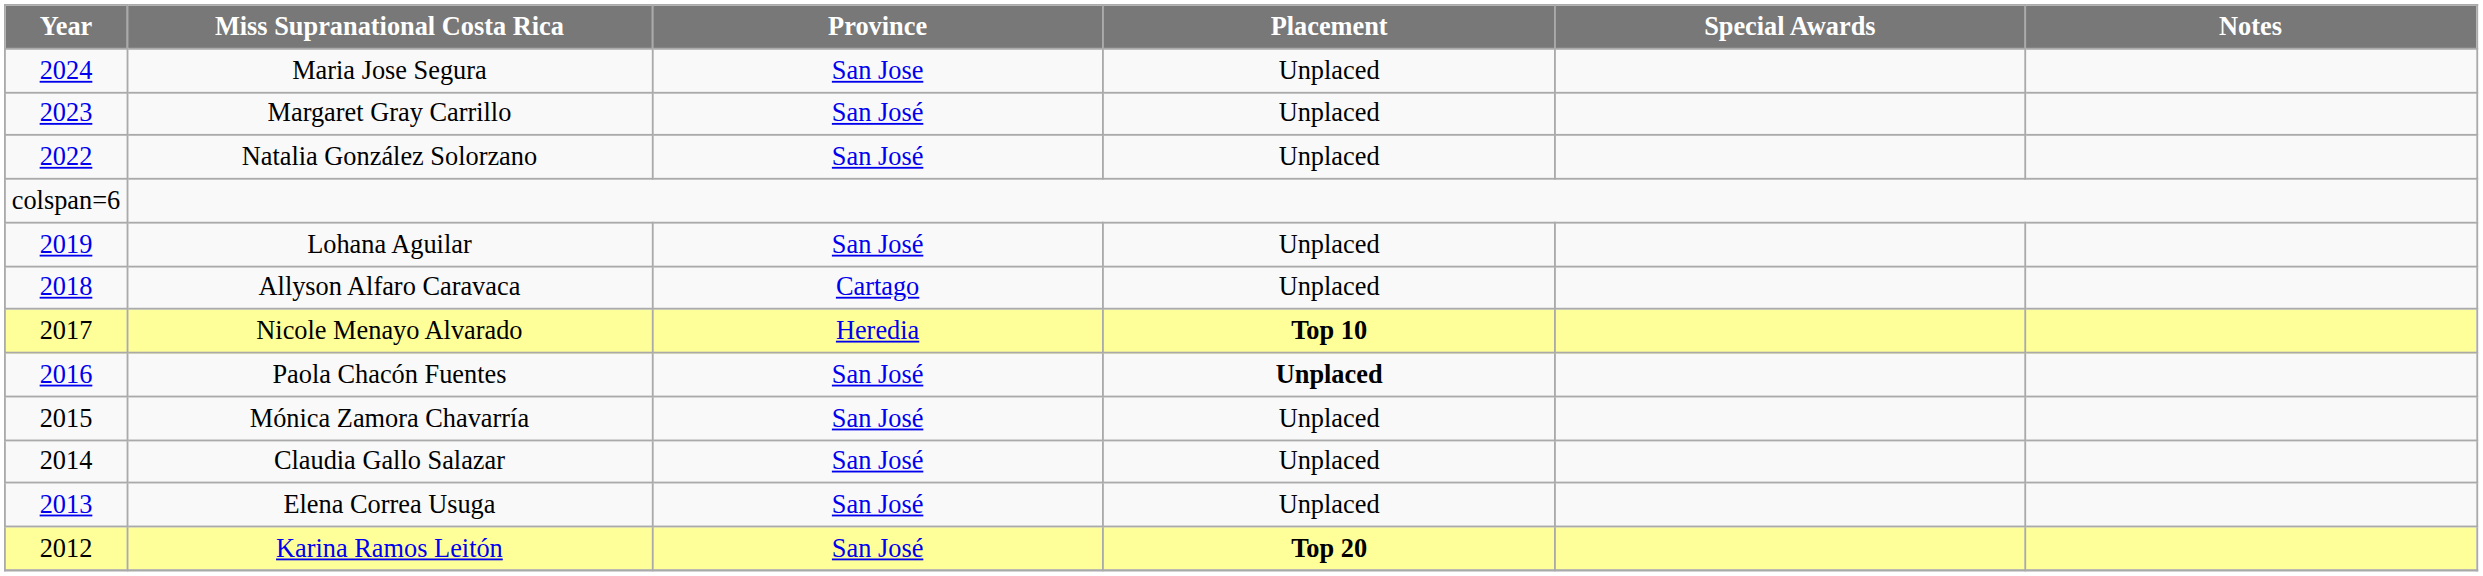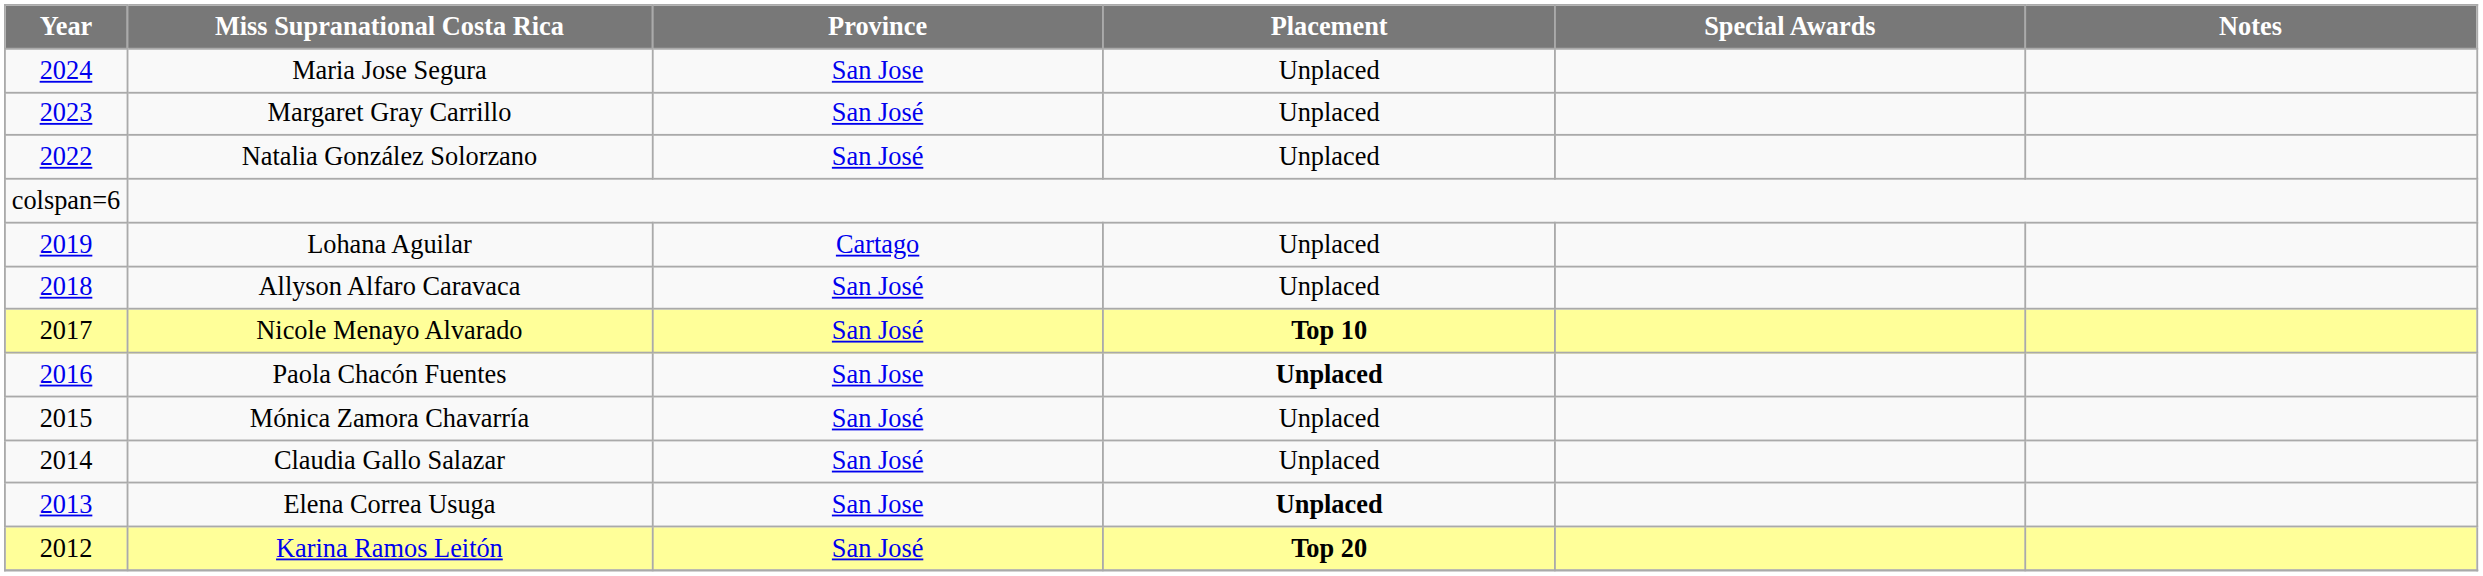 <table class="wikitable sortable" style="font-size: 90%; text-align:center">
 <tr>
 <th width="60" style="background-color:#787878;color:#FFFFFF;">Year</th>
 <th width="280" style="background-color:#787878;color:#FFFFFF;">Miss Supranational Costa Rica</th>
 <th width="240" style="background-color:#787878;color:#FFFFFF;">Province</th>
 <th width="240" style="background-color:#787878;color:#FFFFFF;">Placement</th>
 <th width="250" style="background-color:#787878;color:#FFFFFF;">Special Awards</th>
 <th width="240" style="background-color:#787878;color:#FFFFFF;">Notes</th>
 </tr>
 <tr>
 <td><a href='#'>2024</a></td>
 <td>Maria Jose Segura</td>
 <td><a href='#'>San Jose</a></td>
 <td>Unplaced</td>
 <td></td>
 <td></td>
 </tr>
 <tr>
 <td><a href='#'>2023</a></td>
 <td>Margaret Gray Carrillo</td>
 <td><a href='#'>San José</a></td>
 <td>Unplaced</td>
 <td></td>
 <td></td>
 </tr>
 <tr>
 <td><a href='#'>2022</a></td>
 <td>Natalia González Solorzano</td>
 <td><a href='#'>San José</a></td>
 <td>Unplaced</td>
 <td></td>
 <td></td>
 </tr>
 <tr>
 <td>colspan=6 </td>
 </tr>
 <tr>
 <td><a href='#'>2019</a></td>
 <td>Lohana Aguilar</td>
-<td><a href='#'>San José</a></td>
+<td><a href='#'>Cartago</a></td>
 <td>Unplaced</td>
 <td></td>
 <td></td>
 </tr>
 <tr>
 <td><a href='#'>2018</a></td>
 <td>Allyson Alfaro Caravaca</td>
-<td><a href='#'>Cartago</a></td>
+<td><a href='#'>San José</a></td>
 <td>Unplaced</td>
 <td></td>
 <td></td>
 </tr>
 <tr style="background-color:#FFFF99">
 <td>2017</td>
 <td>Nicole Menayo Alvarado</td>
-<td><a href='#'>Heredia</a></td>
+<td><a href='#'>San José</a></td>
 <td><strong>Top 10</strong></td>
 <td></td>
 <td></td>
 </tr>
 <tr>
 <td><a href='#'>2016</a></td>
 <td>Paola Chacón Fuentes</td>
-<td><a href='#'>San José</a></td>
+<td><a href='#'>San Jose</a></td>
 <td><strong>Unplaced</strong></td>
 <td></td>
 <td></td>
 </tr>
 <tr>
 <td>2015</td>
 <td>Mónica Zamora Chavarría</td>
 <td><a href='#'>San José</a></td>
 <td>Unplaced</td>
 <td></td>
 <td></td>
 </tr>
 <tr>
 <td>2014</td>
 <td>Claudia Gallo Salazar</td>
 <td><a href='#'>San José</a></td>
 <td>Unplaced</td>
 <td></td>
 <td></td>
 </tr>
 <tr>
 <td><a href='#'>2013</a></td>
 <td>Elena Correa Usuga</td>
-<td><a href='#'>San José</a></td>
-<td>Unplaced</td>
+<td><a href='#'>San Jose</a></td>
+<td><strong>Unplaced</strong></td>
 <td></td>
 <td></td>
 </tr>
 <tr style="background-color:#FFFF99">
 <td>2012</td>
 <td><a href='#'>Karina Ramos Leitón</a></td>
 <td><a href='#'>San José</a></td>
 <td><strong>Top 20</strong></td>
 <td></td>
 <td></td>
 </tr>
 <tr>
 </tr>
 </table>
